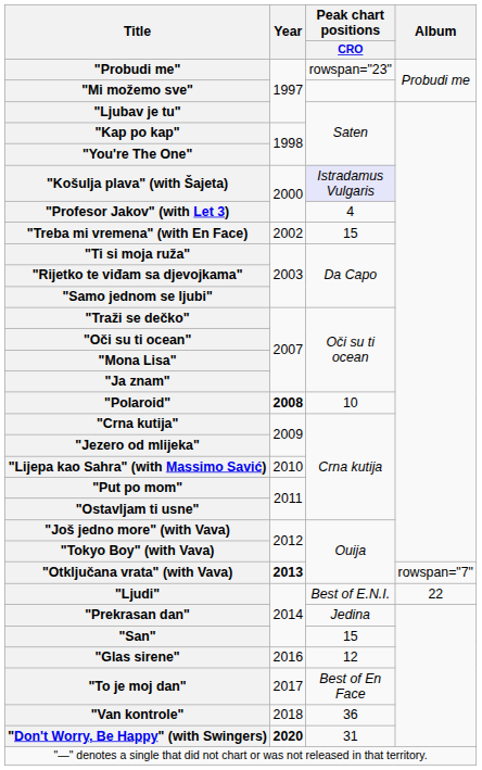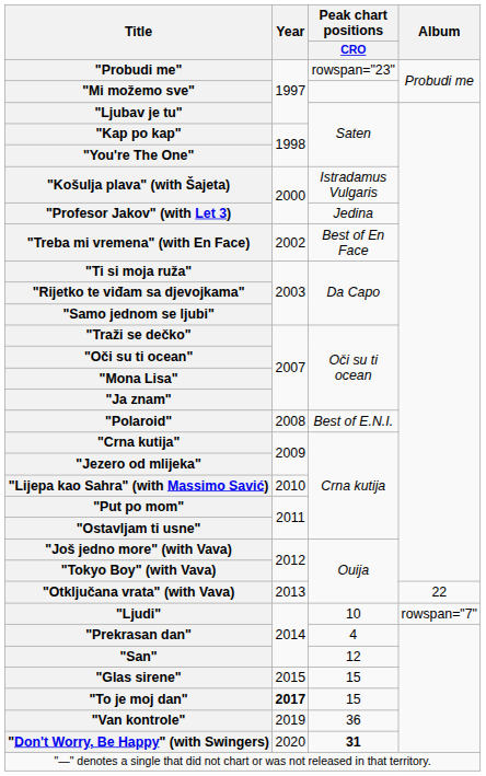 <table class="wikitable plainrowheaders" style="text-align:center;">
 <tr>
 <th scope="col" rowspan="2">Title</th>
 <th scope="col" rowspan="2">Year</th>
 <th scope="col" colspan="1">Peak chart positions</th>
 <th scope="col" rowspan="2">Album</th>
 </tr>
 <tr>
 <th scope="col" style="width:3em; font-size:85%;"><a href='#'>CRO</a><br></th>
 </tr>
 <tr>
 <th scope="row">"Probudi me"</th>
 <td rowspan="3">1997</td>
 <td>rowspan="23" </td>
 <td rowspan="2"><em>Probudi me</em></td>
 </tr>
 <tr>
 <th scope="row">"Mi možemo sve"</th>
 </tr>
 <tr>
 <th scope="row">"Ljubav je tu"</th>
 <td rowspan="3"><em>Saten</em></td>
 </tr>
 <tr>
 <th scope="row">"Kap po kap"</th>
 <td rowspan="2">1998</td>
 </tr>
 <tr>
 <th scope="row">"You're The One"</th>
 </tr>
 <tr>
 <th scope="row">"Košulja plava" <span>(with Šajeta)</span></th>
 <td rowspan="2">2000</td>
-<td style="background: lavender;"><em>Istradamus Vulgaris</em></td>
+<td><em>Istradamus Vulgaris</em></td>
 </tr>
 <tr>
 <th scope="row">"Profesor Jakov" <span>(with <a href='#'>Let 3</a>)</span></th>
-<td>4</td>
+<td><em>Jedina</em></td>
 </tr>
 <tr>
 <th scope="row">"Treba mi vremena" <span>(with En Face)</span></th>
 <td>2002</td>
-<td>15</td>
+<td><em>Best of En Face</em></td>
 </tr>
 <tr>
 <th scope="row">"Ti si moja ruža"</th>
 <td rowspan="3">2003</td>
 <td rowspan="3"><em>Da Capo</em></td>
 </tr>
 <tr>
 <th scope="row">"Rijetko te viđam sa djevojkama"</th>
 </tr>
 <tr>
 <th scope="row">"Samo jednom se ljubi"</th>
 </tr>
 <tr>
 <th scope="row">"Traži se dečko"</th>
 <td rowspan="4">2007</td>
 <td rowspan="4"><em>Oči su ti ocean</em></td>
 </tr>
 <tr>
 <th scope="row">"Oči su ti ocean"</th>
 </tr>
 <tr>
 <th scope="row">"Mona Lisa"</th>
 </tr>
 <tr>
 <th scope="row">"Ja znam"</th>
 </tr>
 <tr>
 <th scope="row">"Polaroid"</th>
-<td><strong>2008</strong></td>
-<td>10</td>
+<td>2008</td>
+<td><em>Best of E.N.I.</em></td>
 </tr>
 <tr>
 <th scope="row">"Crna kutija"</th>
 <td rowspan="2">2009</td>
 <td rowspan="5"><em>Crna kutija</em></td>
 </tr>
 <tr>
 <th scope="row">"Jezero od mlijeka"</th>
 </tr>
 <tr>
 <th scope="row">"Lijepa kao Sahra" <span>(with <a href='#'>Massimo Savić</a>)</span></th>
 <td>2010</td>
 </tr>
 <tr>
 <th scope="row">"Put po mom"</th>
 <td rowspan="2">2011</td>
 </tr>
 <tr>
 <th scope="row">"Ostavljam ti usne"</th>
 </tr>
 <tr>
 <th scope="row">"Još jedno more" <span>(with Vava)</span></th>
 <td rowspan="2">2012</td>
 <td rowspan="3"><em>Ouija</em></td>
 </tr>
 <tr>
 <th scope="row">"Tokyo Boy" <span>(with Vava)</span></th>
 </tr>
 <tr>
 <th scope="row">"Otključana vrata" <span>(with Vava)</span></th>
-<td><strong>2013</strong></td>
-<td>rowspan="7" </td>
+<td>2013</td>
+<td>22</td>
 </tr>
 <tr>
 <th scope="row">"Ljudi"</th>
 <td rowspan="3">2014</td>
-<td><em>Best of E.N.I.</em></td>
-<td>22</td>
+<td>10</td>
+<td>rowspan="7" </td>
 </tr>
 <tr>
 <th scope="row">"Prekrasan dan"</th>
-<td><em>Jedina</em></td>
+<td>4</td>
 </tr>
 <tr>
 <th scope="row">"San"</th>
+<td>12</td>
+</tr>
+<tr>
+<th scope="row">"Glas sirene"</th>
+<td>2015</td>
 <td>15</td>
 </tr>
 <tr>
-<th scope="row">"Glas sirene"</th>
-<td>2016</td>
-<td>12</td>
-</tr>
-<tr>
 <th scope="row">"To je moj dan"</th>
-<td>2017</td>
-<td><em>Best of En Face</em></td>
+<td><strong>2017</strong></td>
+<td>15</td>
 </tr>
 <tr>
 <th scope="row">"Van kontrole"</th>
-<td>2018</td>
+<td>2019</td>
 <td>36</td>
 </tr>
 <tr>
 <th scope="row">"<a href='#'>Don't Worry, Be Happy</a>" <span>(with Swingers)</span></th>
-<td><strong>2020</strong></td>
-<td>31</td>
+<td>2020</td>
+<td><strong>31</strong></td>
 </tr>
 <tr>
 <td colspan="20" style="text-align:center; font-size:85%;">"—" denotes a single that did not chart or was not released in that territory.</td>
 </tr>
 </table>
